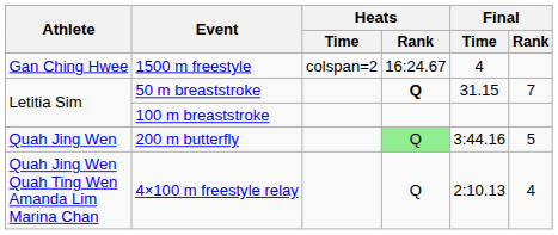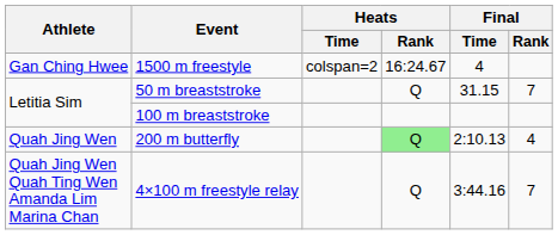 <table class="wikitable" style="font-size:90%;text-align:center">
 <tr>
 <th rowspan="2">Athlete</th>
 <th rowspan="2">Event</th>
 <th colspan="2">Heats</th>
 <th colspan="2">Final</th>
 </tr>
 <tr style="font-size:95%">
 <th>Time</th>
 <th>Rank</th>
 <th>Time</th>
 <th>Rank</th>
 </tr>
 <tr>
 <td align="left"><a href='#'>Gan Ching Hwee</a></td>
 <td align="left"><a href='#'>1500 m freestyle</a></td>
 <td>colspan=2 </td>
 <td>16:24.67</td>
 <td>4</td>
 </tr>
 <tr>
 <td rowspan="2" align="left">Letitia Sim</td>
 <td align="left"><a href='#'>50 m breaststroke</a></td>
 <td></td>
-<td><strong>Q</strong></td>
+<td>Q</td>
 <td>31.15</td>
 <td>7</td>
 </tr>
 <tr>
 <td align="left"><a href='#'>100 m breaststroke</a></td>
 <td></td>
 <td></td>
 <td></td>
 <td></td>
 </tr>
 <tr>
 <td align="left"><a href='#'>Quah Jing Wen</a></td>
 <td align="left"><a href='#'>200 m butterfly</a></td>
 <td></td>
 <td style="background: lightgreen;">Q</td>
-<td>3:44.16</td>
-<td>5</td>
+<td>2:10.13</td>
+<td>4</td>
 </tr>
 <tr>
 <td align="left"><a href='#'>Quah Jing Wen</a><br><a href='#'>Quah Ting Wen</a><br><a href='#'>Amanda Lim</a><br><a href='#'>Marina Chan</a></td>
 <td align="left"><a href='#'>4×100 m freestyle relay</a></td>
 <td></td>
 <td>Q</td>
-<td>2:10.13</td>
-<td>4</td>
+<td>3:44.16</td>
+<td>7</td>
 </tr>
 </table>
